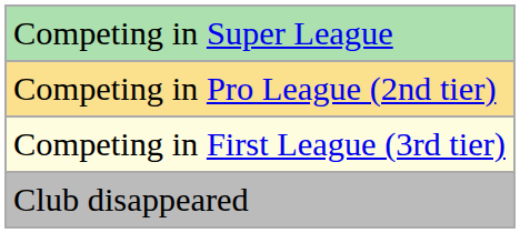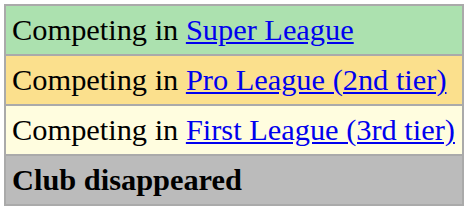 <table class="wikitable" style="font-size:95%">
 <tr>
 <td style="background-color:#ACE1AF; border:1px solid #aaaaaa;">Competing in <a href='#'>Super League</a></td>
 </tr>
 <tr>
 <td style="background-color:#FBE08D; border:1px solid #aaaaaa;">Competing in <a href='#'>Pro League (2nd tier)</a></td>
 </tr>
 <tr>
 <td style="background-color:#fffddf; border:1px solid #aaaaaa;">Competing in <a href='#'>First League (3rd tier)</a></td>
 </tr>
 <tr>
-<td style="background-color:#BBBBBB; border:1px solid #aaaaaa;">Club disappeared</td>
+<td style="background-color:#BBBBBB; border:1px solid #aaaaaa;"><strong>Club disappeared</strong></td>
 </tr>
 </table>
